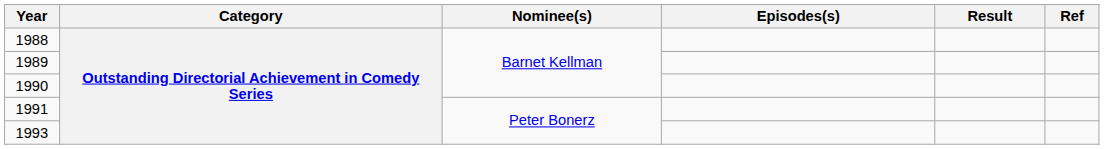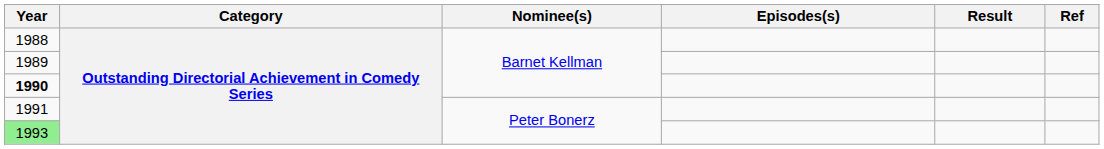 <table class="wikitable plainrowheaders" style="font-size: 90%; text-align:center" width=85%>
 <tr>
 <th scope="col" width="5%">Year</th>
 <th scope="col" width="35%">Category</th>
 <th scope="col" width="20%">Nominee(s)</th>
 <th scope="col" width="25%">Episodes(s)</th>
 <th scope="col" width="10%">Result</th>
 <th scope="col" width="5%">Ref</th>
 </tr>
 <tr>
 <td>1988</td>
 <th scope="row" style="text-align:center" rowspan="5"><a href='#'>Outstanding Directorial Achievement in Comedy Series</a></th>
 <td rowspan="3"><a href='#'>Barnet Kellman</a></td>
 <td></td>
 <td></td>
 <td></td>
 </tr>
 <tr>
 <td>1989</td>
 <td></td>
 <td></td>
 <td></td>
 </tr>
 <tr>
-<td>1990</td>
+<td><strong>1990</strong></td>
 <td></td>
 <td></td>
 <td></td>
 </tr>
 <tr>
 <td>1991</td>
 <td rowspan="2"><a href='#'>Peter Bonerz</a></td>
 <td></td>
 <td></td>
 <td></td>
 </tr>
 <tr>
-<td>1993</td>
+<td style="background: lightgreen;">1993</td>
 <td></td>
 <td></td>
 <td></td>
 </tr>
 </table>
